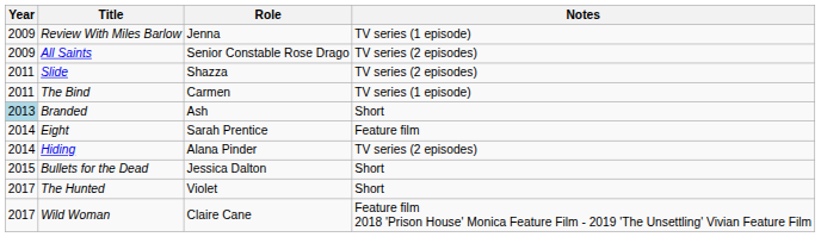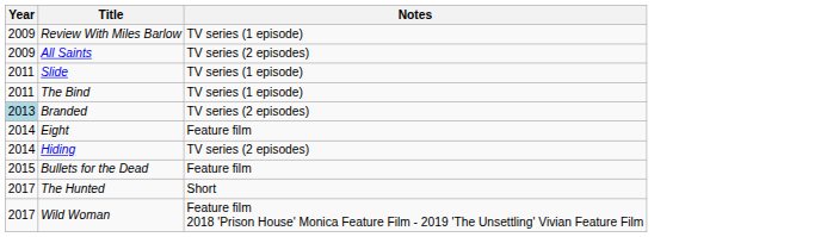 <table class="wikitable sortable">
 <tr>
 <th>Year</th>
 <th>Title</th>
-<th>Role</th>
 <th>Notes</th>
 </tr>
 <tr>
 <td>2009</td>
 <td><em>Review With Miles Barlow</em></td>
-<td>Jenna</td>
 <td>TV series (1 episode)</td>
 </tr>
 <tr>
 <td>2009</td>
 <td><em><a href='#'>All Saints</a></em></td>
-<td>Senior Constable Rose Drago</td>
 <td>TV series (2 episodes)</td>
 </tr>
 <tr>
 <td>2011</td>
 <td><em><a href='#'>Slide</a></em></td>
-<td>Shazza</td>
-<td>TV series (2 episodes)</td>
+<td>TV series (1 episode)</td>
 </tr>
 <tr>
 <td>2011</td>
 <td><em>The Bind</em></td>
-<td>Carmen</td>
 <td>TV series (1 episode)</td>
 </tr>
 <tr>
 <td style="background: lightblue;">2013</td>
 <td><em>Branded</em></td>
-<td>Ash</td>
-<td>Short</td>
+<td>TV series (2 episodes)</td>
 </tr>
 <tr>
 <td>2014</td>
 <td><em>Eight</em></td>
-<td>Sarah Prentice</td>
 <td>Feature film</td>
 </tr>
 <tr>
 <td>2014</td>
 <td><em><a href='#'>Hiding</a></em></td>
-<td>Alana Pinder</td>
 <td>TV series (2 episodes)</td>
 </tr>
 <tr>
 <td>2015</td>
 <td><em>Bullets for the Dead</em></td>
-<td>Jessica Dalton</td>
-<td>Short</td>
+<td>Feature film</td>
 </tr>
 <tr>
 <td>2017</td>
 <td><em>The Hunted</em></td>
-<td>Violet</td>
 <td>Short</td>
 </tr>
 <tr>
 <td>2017</td>
 <td><em>Wild Woman</em></td>
-<td>Claire Cane</td>
 <td>Feature film<br>2018 'Prison House' Monica Feature Film - 2019 'The Unsettling' Vivian Feature Film</td>
 </tr>
 </table>
